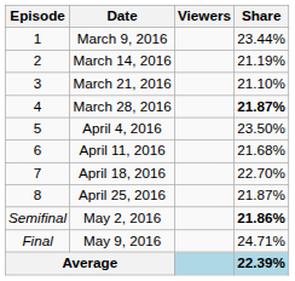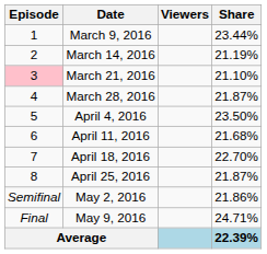 <table class="wikitable" style="text-align:center;">
 <tr>
 <th>Episode</th>
 <th>Date</th>
 <th>Viewers</th>
 <th>Share</th>
 </tr>
 <tr>
 <td>1</td>
 <td>March 9, 2016</td>
 <td></td>
 <td>23.44%</td>
 </tr>
 <tr>
 <td>2</td>
 <td>March 14, 2016</td>
 <td></td>
 <td>21.19%</td>
 </tr>
 <tr>
-<td>3</td>
+<td style="background: pink;">3</td>
 <td>March 21, 2016</td>
 <td></td>
 <td>21.10%</td>
 </tr>
 <tr>
 <td>4</td>
 <td>March 28, 2016</td>
 <td></td>
-<td><strong>21.87%</strong></td>
+<td>21.87%</td>
 </tr>
 <tr>
 <td>5</td>
 <td>April 4, 2016</td>
 <td></td>
 <td>23.50%</td>
 </tr>
 <tr>
 <td>6</td>
 <td>April 11, 2016</td>
 <td></td>
 <td>21.68%</td>
 </tr>
 <tr>
 <td>7</td>
 <td>April 18, 2016</td>
 <td></td>
 <td>22.70%</td>
 </tr>
 <tr>
 <td>8</td>
 <td>April 25, 2016</td>
 <td></td>
 <td>21.87%</td>
 </tr>
 <tr>
 <td><em>Semifinal</em></td>
 <td>May 2, 2016</td>
 <td></td>
-<td><strong>21.86%</strong></td>
+<td>21.86%</td>
 </tr>
 <tr>
 <td><em>Final</em></td>
 <td>May 9, 2016</td>
 <td></td>
 <td>24.71%</td>
 </tr>
 <tr>
 <th colspan="2">Average</th>
 <th style="background:lightblue"><strong></strong></th>
 <th style="background:lightblue"><strong>22.39%</strong></th>
 </tr>
 </table>
